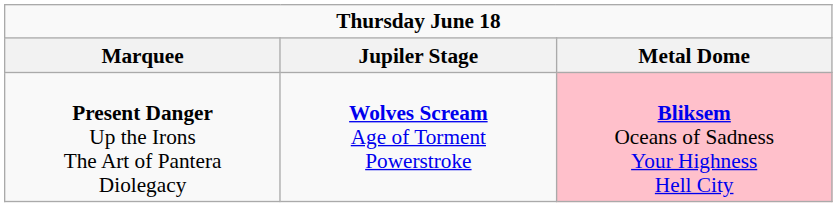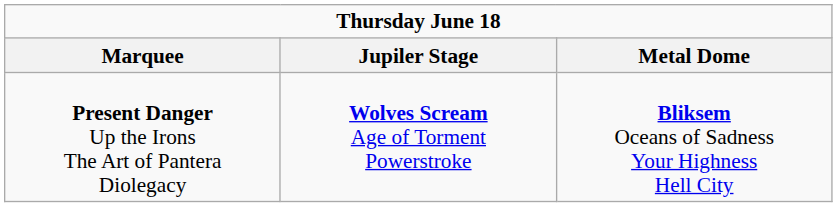 <table class="wikitable">
 <tr>
 <td colspan="3" style="text-align:center;"><strong>Thursday June 18</strong></td>
 </tr>
 <tr>
 <th>Marquee</th>
 <th>Jupiler Stage</th>
 <th>Metal Dome</th>
 </tr>
 <tr>
 <td style="text-align:center; vertical-align:top; width:200px;"><br><strong>Present Danger</strong> <br> Up the Irons <br> The Art of Pantera <br> Diolegacy</td>
 <td style="text-align:center; vertical-align:top; width:200px;"><br><strong><a href='#'>Wolves Scream</a></strong> <br> <a href='#'>Age of Torment</a>  <br> <a href='#'>Powerstroke</a></td>
-<td style="background: pink; text-align:center; vertical-align:top; width:200px;"><br><strong><a href='#'>Bliksem</a></strong> <br> Oceans of Sadness <br> <a href='#'>Your Highness</a> <br> <a href='#'>Hell City</a> <br></td>
+<td style="text-align:center; vertical-align:top; width:200px;"><br><strong><a href='#'>Bliksem</a></strong> <br> Oceans of Sadness <br> <a href='#'>Your Highness</a> <br> <a href='#'>Hell City</a> <br></td>
 </tr>
 </table>
